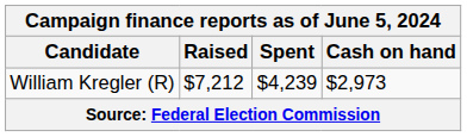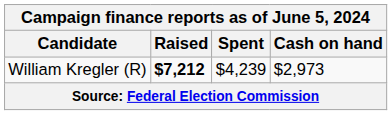 <table class="wikitable sortable">
 <tr>
 <th colspan=4>Campaign finance reports as of June 5, 2024</th>
 </tr>
 <tr>
 <th>Candidate</th>
 <th>Raised</th>
 <th>Spent</th>
 <th>Cash on hand</th>
 </tr>
 <tr>
 <td>William Kregler (R)</td>
-<td>$7,212</td>
+<td><strong>$7,212</strong></td>
 <td>$4,239</td>
 <td>$2,973</td>
 </tr>
 <tr>
 <th colspan="4"><small>Source: <a href='#'>Federal Election Commission</a></small></th>
 </tr>
 </table>
